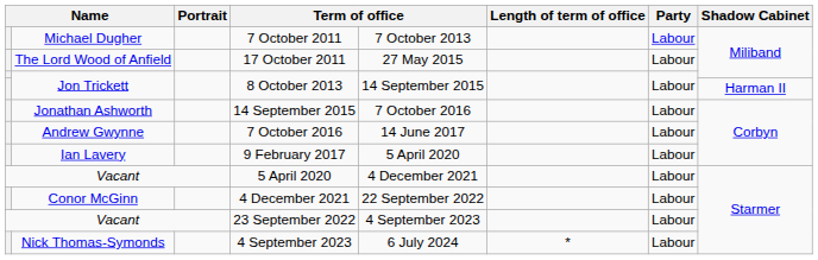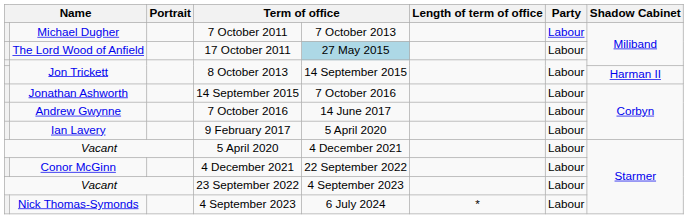 <table class="wikitable" style="text-align:center">
 <tr>
 <th colspan="2">Name</th>
 <th>Portrait</th>
 <th colspan="2">Term of office</th>
 <th>Length of term of office</th>
 <th>Party</th>
 <th>Shadow Cabinet</th>
 </tr>
 <tr>
 <th style="background-color: "></th>
 <td><a href='#'>Michael Dugher</a></td>
 <td></td>
 <td>7 October 2011</td>
 <td>7 October 2013</td>
 <td></td>
 <td><a href='#'>Labour</a></td>
 <td rowspan="3"><a href='#'>Miliband</a></td>
 </tr>
 <tr>
 <th style="background-color: "></th>
 <td><a href='#'>The Lord Wood of Anfield</a></td>
 <td></td>
 <td>17 October 2011</td>
-<td>27 May 2015</td>
+<td style="background: lightblue;">27 May 2015</td>
 <td></td>
 <td>Labour</td>
 </tr>
 <tr>
 <th style="background-color: "></th>
 <td rowspan="2"><a href='#'>Jon Trickett</a></td>
 <td rowspan="2"></td>
 <td rowspan="2">8 October 2013</td>
 <td rowspan="2">14 September 2015</td>
 <td rowspan="2"></td>
 <td rowspan="2" >Labour</td>
 </tr>
 <tr>
 <th style="background-color: "></th>
 <td><a href='#'>Harman II</a></td>
 </tr>
 <tr>
 <th style="background-color: "></th>
 <td><a href='#'>Jonathan Ashworth</a></td>
 <td></td>
 <td>14 September 2015</td>
 <td>7 October 2016</td>
 <td></td>
 <td>Labour</td>
 <td rowspan="3"><a href='#'>Corbyn</a></td>
 </tr>
 <tr>
 <th style="background-color: "></th>
 <td><a href='#'>Andrew Gwynne</a></td>
 <td></td>
 <td>7 October 2016</td>
 <td>14 June 2017</td>
 <td></td>
 <td>Labour</td>
 </tr>
 <tr>
 <th style="background-color: "></th>
 <td><a href='#'>Ian Lavery</a></td>
 <td></td>
 <td>9 February 2017</td>
 <td>5 April 2020</td>
 <td></td>
 <td>Labour</td>
 </tr>
 <tr>
 <td colspan="3"><em>Vacant</em></td>
 <td>5 April 2020</td>
 <td>4 December 2021</td>
 <td></td>
 <td>Labour</td>
 <td rowspan="4"><a href='#'>Starmer</a></td>
 </tr>
 <tr>
 <th style="background-color: "></th>
 <td><a href='#'>Conor McGinn</a></td>
 <td></td>
 <td>4 December 2021</td>
 <td>22 September 2022</td>
 <td></td>
 <td>Labour</td>
 </tr>
 <tr>
 <td colspan="3"><em>Vacant</em></td>
 <td>23 September 2022</td>
 <td>4 September 2023</td>
 <td></td>
 <td>Labour</td>
 </tr>
 <tr>
 <th style="background-color: "></th>
 <td><a href='#'>Nick Thomas-Symonds</a></td>
 <td></td>
 <td>4 September 2023</td>
 <td>6 July 2024</td>
 <td>*</td>
 <td>Labour</td>
 </tr>
 </table>
